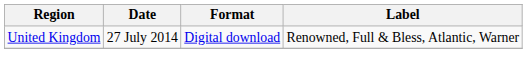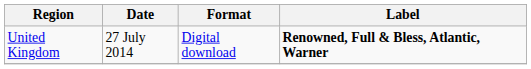 <table class=wikitable>
 <tr>
 <th>Region</th>
 <th>Date</th>
 <th>Format</th>
 <th>Label</th>
 </tr>
 <tr>
 <td><a href='#'>United Kingdom</a></td>
 <td>27 July 2014</td>
 <td><a href='#'>Digital download</a></td>
-<td>Renowned, Full & Bless, Atlantic, Warner</td>
+<td><strong>Renowned, Full & Bless, Atlantic, Warner</strong></td>
 </tr>
 <tr>
 </tr>
 </table>
